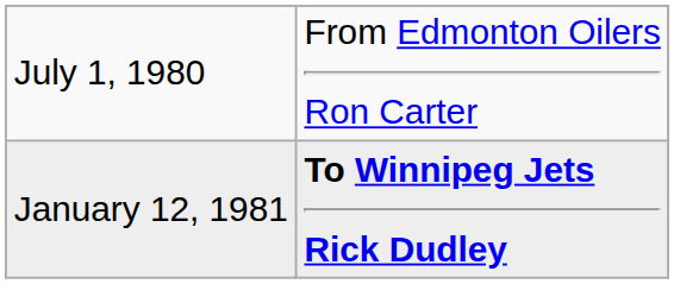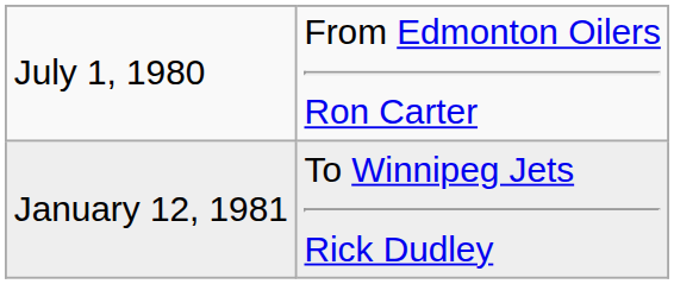 <table class="wikitable">
 <tr>
 <td>July 1, 1980</td>
 <td valign="top">From <a href='#'>Edmonton Oilers</a><hr><a href='#'>Ron Carter</a></td>
 </tr>
 <tr style="background:#eee;">
 <td>January 12, 1981</td>
-<td valign="top"><strong>To <a href='#'>Winnipeg Jets</a><hr><a href='#'>Rick Dudley</a></strong></td>
+<td valign="top">To <a href='#'>Winnipeg Jets</a><hr><a href='#'>Rick Dudley</a></td>
 </tr>
 </table>
